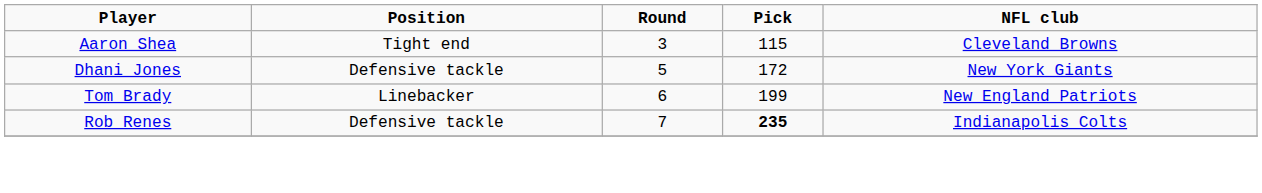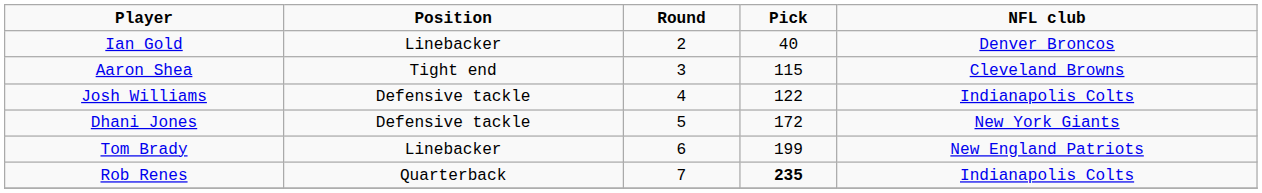 <table class="wikitable" width="80%">
 <tr align="center">
 <td><strong>Player</strong></td>
 <td><strong>Position</strong></td>
 <td><strong>Round</strong></td>
 <td><strong>Pick</strong></td>
 <td><strong>NFL club</strong></td>
 </tr>
 <tr align="center" bgcolor="">
+<td><a href='#'>Ian Gold</a></td>
+<td>Linebacker</td>
+<td>2</td>
+<td>40</td>
+<td><a href='#'>Denver Broncos</a></td>
+</tr>
+<tr align="center" bgcolor="">
 <td><a href='#'>Aaron Shea</a></td>
 <td>Tight end</td>
 <td>3</td>
 <td>115</td>
 <td><a href='#'>Cleveland Browns</a></td>
+</tr>
+<tr align="center" bgcolor="">
+<td><a href='#'>Josh Williams</a></td>
+<td>Defensive tackle</td>
+<td>4</td>
+<td>122</td>
+<td><a href='#'>Indianapolis Colts</a></td>
 </tr>
 <tr align="center" bgcolor="">
 <td><a href='#'>Dhani Jones</a></td>
 <td>Defensive tackle</td>
 <td>5</td>
 <td>172</td>
 <td><a href='#'>New York Giants</a></td>
 </tr>
 <tr align="center" bgcolor="">
 <td><a href='#'>Tom Brady</a></td>
 <td>Linebacker</td>
 <td>6</td>
 <td>199</td>
 <td><a href='#'>New England Patriots</a></td>
 </tr>
 <tr align="center" bgcolor="">
 <td><a href='#'>Rob Renes</a></td>
-<td>Defensive tackle</td>
+<td>Quarterback</td>
 <td>7</td>
 <td><strong>235</strong></td>
 <td><a href='#'>Indianapolis Colts</a></td>
 </tr>
 <tr align="center" bgcolor="">
 </tr>
 </table>
